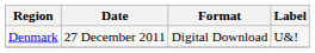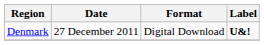 <table class=wikitable>
 <tr>
 <th>Region</th>
 <th>Date</th>
 <th>Format</th>
 <th>Label</th>
 </tr>
 <tr>
 <td><a href='#'>Denmark</a></td>
 <td>27 December 2011</td>
 <td>Digital Download</td>
-<td>U&!</td>
+<td><strong>U&!</strong></td>
 </tr>
 <tr>
 </tr>
 </table>
